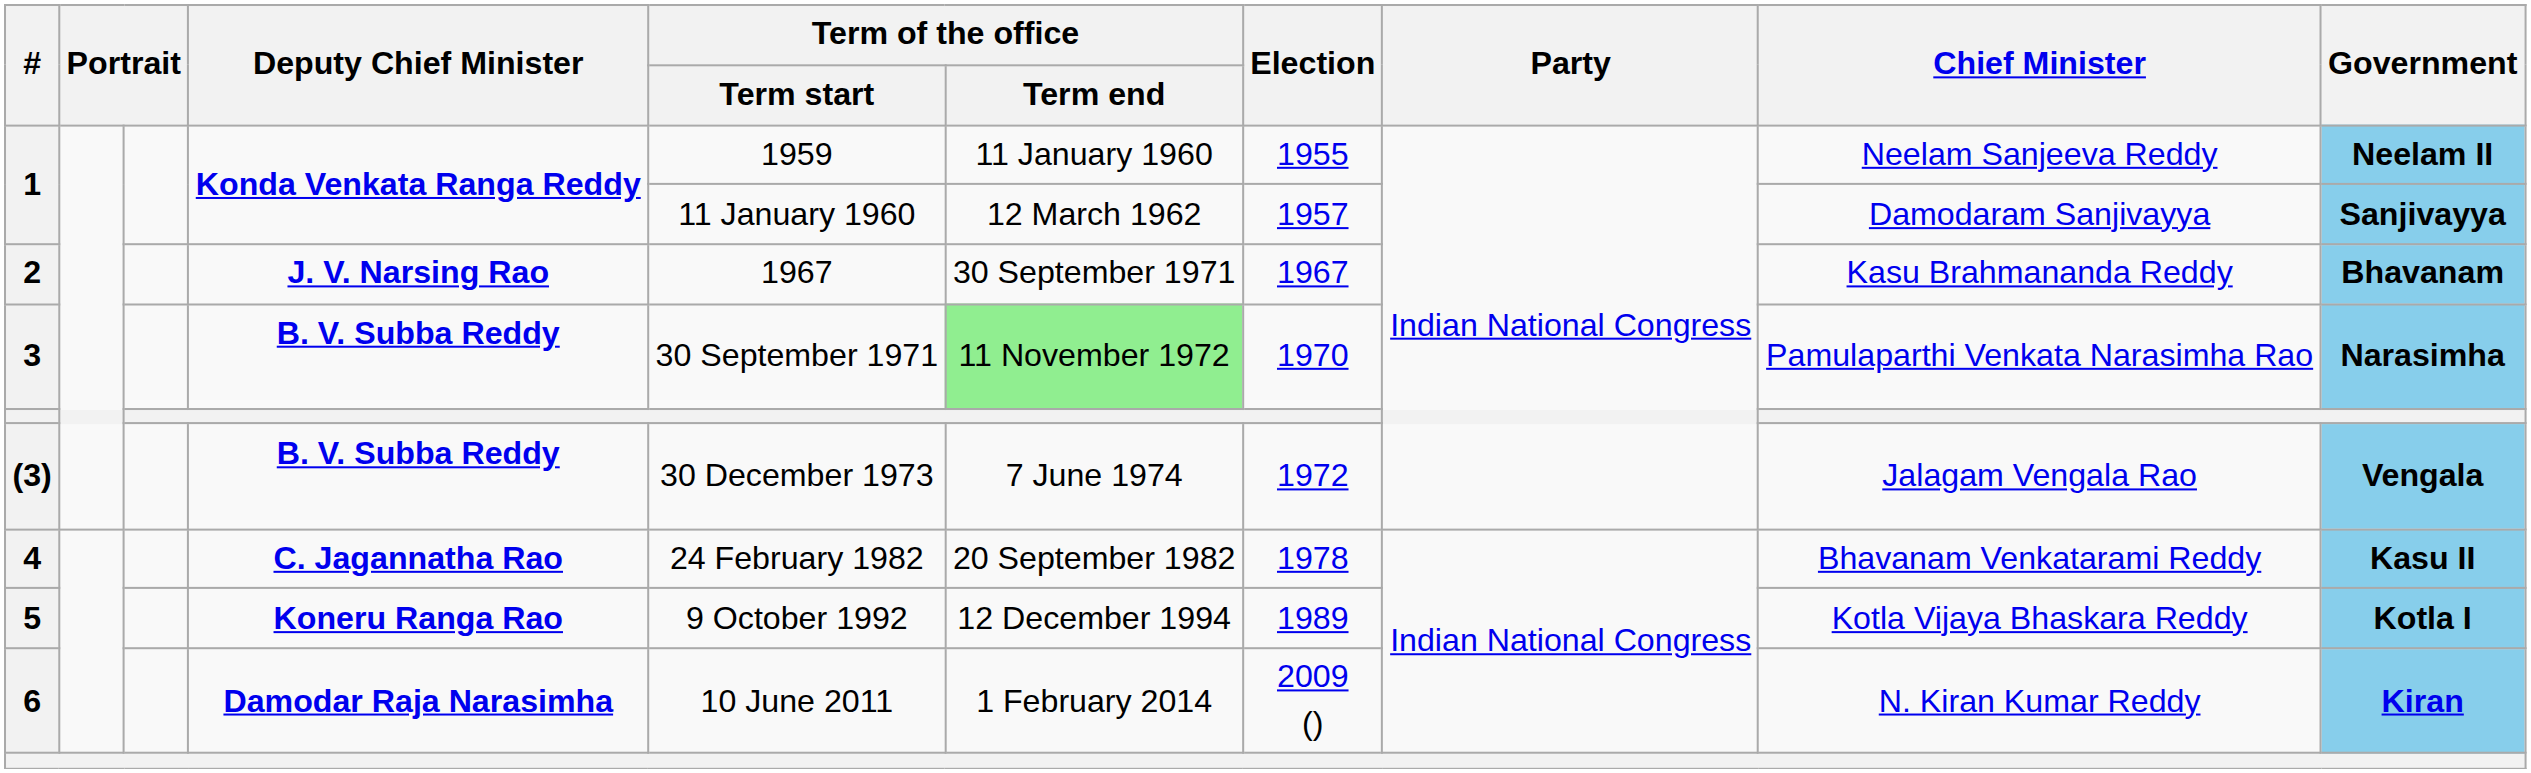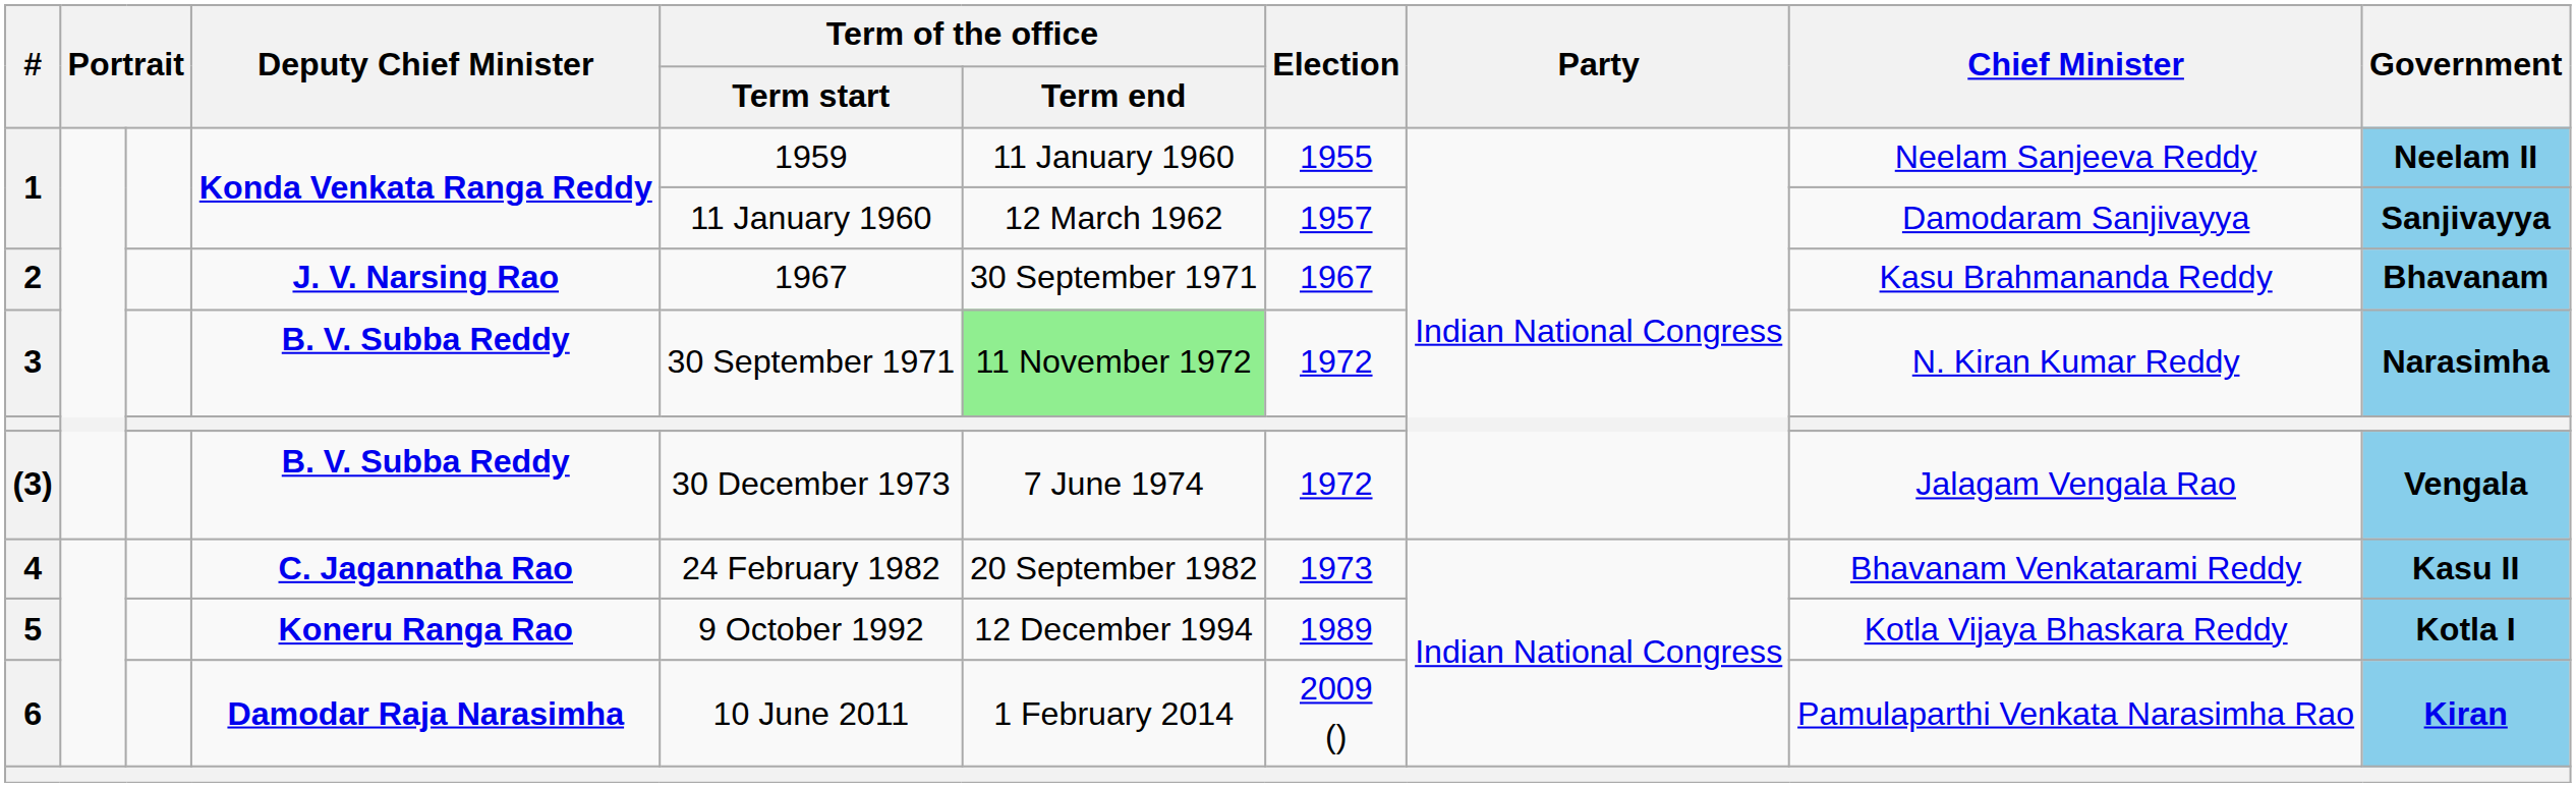 <table class ="wikitable" style="line-height:1.4em; text-align:center">
 <tr>
 <th rowspan="2">#</th>
 <th colspan="2" rowspan="2">Portrait</th>
 <th rowspan="2">Deputy Chief Minister<br></th>
 <th colspan="2">Term of the office</th>
 <th rowspan="2">Election<br></th>
 <th rowspan="2">Party</th>
 <th rowspan="2"><a href='#'>Chief Minister</a></th>
 <th rowspan="2"><strong>Government</strong></th>
 </tr>
 <tr>
 <th>Term start</th>
 <th><strong>Term end</strong></th>
 </tr>
 <tr>
 <th rowspan="2">1</th>
 <td rowspan="6"></td>
 <td rowspan="2"></td>
 <td rowspan="2"><strong><a href='#'>Konda Venkata Ranga Reddy</a></strong><br></td>
 <td>1959</td>
 <td>11 January 1960</td>
 <td><a href='#'>1955</a><br></td>
 <td rowspan="6"><a href='#'>Indian National Congress</a></td>
 <td><a href='#'>Neelam Sanjeeva Reddy</a></td>
 <td bgcolor="#87CEEB"><strong>Neelam II</strong></td>
 </tr>
 <tr>
 <td>11 January 1960</td>
 <td>12 March 1962</td>
 <td><a href='#'>1957</a><br></td>
 <td><a href='#'>Damodaram Sanjivayya</a></td>
 <td bgcolor="#87CEEB"><strong>Sanjivayya</strong></td>
 </tr>
 <tr>
 <th>2</th>
 <td></td>
 <td><strong><a href='#'>J. V. Narsing Rao</a></strong><br></td>
 <td>1967</td>
 <td>30 September 1971</td>
 <td><a href='#'>1967</a><br></td>
 <td><a href='#'>Kasu Brahmananda Reddy</a></td>
 <td bgcolor="#87CEEB"><strong>Bhavanam</strong></td>
 </tr>
 <tr>
 <th>3</th>
 <td></td>
 <td><strong><a href='#'>B. V. Subba Reddy</a></strong><br><br></td>
 <td>30 September 1971</td>
 <td style="background: lightgreen;">11 November 1972</td>
-<td><a href='#'>1970</a><br></td>
-<td><a href='#'>Pamulaparthi Venkata Narasimha Rao</a></td>
+<td><a href='#'>1972</a><br></td>
+<td><a href='#'>N. Kiran Kumar Reddy</a></td>
 <td bgcolor="#87CEEB"><strong>Narasimha</strong></td>
 </tr>
 <tr>
 <th colspan="10"></th>
 </tr>
 <tr>
 <th>(3)</th>
 <td></td>
 <td><strong><a href='#'>B. V. Subba Reddy</a></strong><br><br></td>
 <td>30 December 1973</td>
 <td>7 June 1974</td>
 <td><a href='#'>1972</a><br></td>
 <td><a href='#'>Jalagam Vengala Rao</a></td>
 <td bgcolor="#87CEEB"><strong>Vengala</strong></td>
 </tr>
 <tr>
 <th>4</th>
 <td rowspan="3"></td>
 <td></td>
 <td><strong><a href='#'>C. Jagannatha Rao</a></strong><br></td>
 <td>24 February 1982</td>
 <td>20 September 1982</td>
-<td><a href='#'>1978</a><br></td>
+<td><a href='#'>1973</a><br></td>
 <td rowspan="3"><a href='#'>Indian National Congress</a></td>
 <td><a href='#'>Bhavanam Venkatarami Reddy</a></td>
 <td bgcolor="#87CEEB"><strong>Kasu II</strong></td>
 </tr>
 <tr>
 <th>5</th>
 <td></td>
 <td><strong><a href='#'>Koneru Ranga Rao</a></strong><br></td>
 <td>9 October 1992</td>
 <td>12 December 1994</td>
 <td><a href='#'>1989</a><br></td>
 <td><a href='#'>Kotla Vijaya Bhaskara Reddy</a></td>
 <td bgcolor="#87CEEB"><strong>Kotla I</strong></td>
 </tr>
 <tr>
 <th>6</th>
 <td></td>
 <td><strong><a href='#'>Damodar Raja Narasimha</a></strong><br></td>
 <td>10 June 2011</td>
 <td>1 February 2014</td>
 <td><a href='#'>2009</a><br>()</td>
-<td><a href='#'>N. Kiran Kumar Reddy</a></td>
+<td><a href='#'>Pamulaparthi Venkata Narasimha Rao</a></td>
 <td bgcolor="#87CEEB"><strong><a href='#'>Kiran</a></strong></td>
 </tr>
 <tr>
 <th colspan="10"></th>
 </tr>
 </table>
